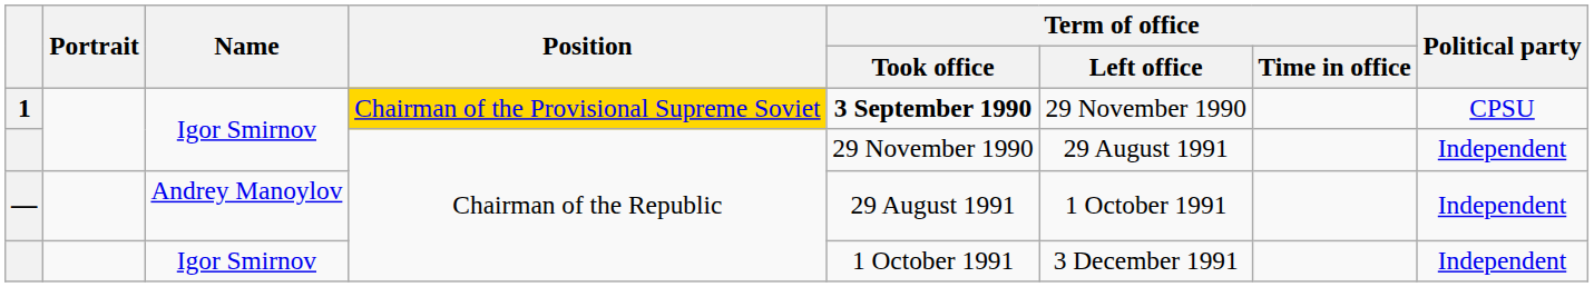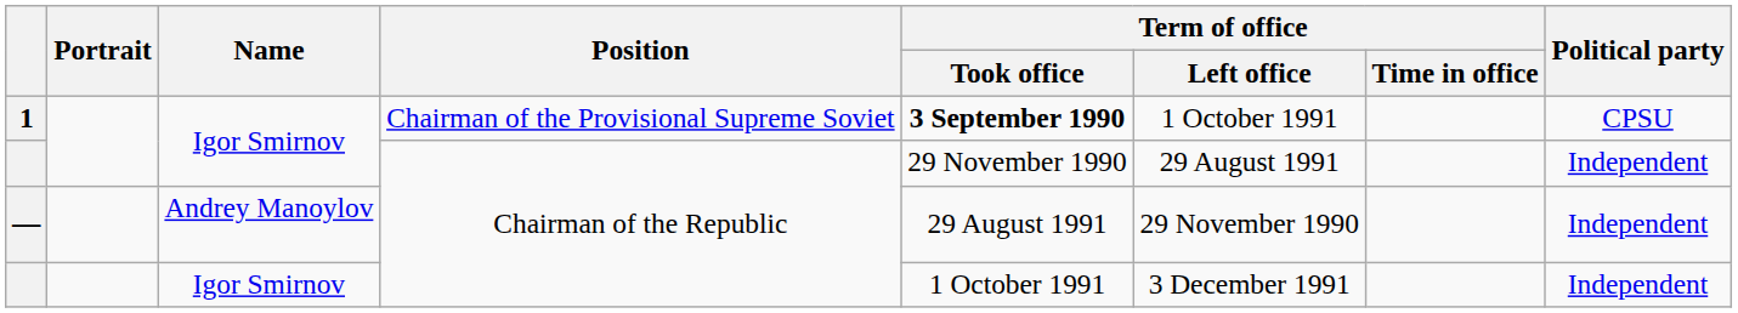 <table class="wikitable" style="text-align:center">
 <tr align=center bgcolor=#ebebeb>
 <th rowspan=2></th>
 <th rowspan=2>Portrait</th>
 <th rowspan=2>Name<br></th>
 <th rowspan=2>Position</th>
 <th colspan=3>Term of office</th>
 <th colspan=2 rowspan=2>Political party</th>
 </tr>
 <tr align=center bgcolor=#ebebeb>
 <th>Took office</th>
 <th>Left office</th>
 <th>Time in office</th>
 </tr>
 <tr>
 <th style="background:">1</th>
 <td rowspan=2></td>
 <td rowspan=2><a href='#'>Igor Smirnov</a><br></td>
-<td style="background: gold;"><a href='#'>Chairman of the Provisional Supreme Soviet</a></td>
+<td><a href='#'>Chairman of the Provisional Supreme Soviet</a></td>
 <td><strong>3 September 1990</strong></td>
-<td>29 November 1990</td>
+<td>1 October 1991</td>
 <td></td>
 <td><a href='#'>CPSU</a></td>
 </tr>
 <tr>
 <th style="background:"></th>
 <td rowspan=3>Chairman of the Republic</td>
 <td>29 November 1990</td>
 <td>29 August 1991</td>
 <td></td>
 <td><a href='#'>Independent</a></td>
 </tr>
 <tr>
 <th style="background:">—</th>
 <td></td>
 <td><a href='#'>Andrey Manoylov</a><br><br></td>
 <td>29 August 1991</td>
-<td>1 October 1991</td>
+<td>29 November 1990</td>
 <td></td>
 <td><a href='#'>Independent</a></td>
 </tr>
 <tr>
 <th style="background:"></th>
 <td></td>
 <td><a href='#'>Igor Smirnov</a><br></td>
 <td>1 October 1991</td>
 <td>3 December 1991</td>
 <td></td>
 <td><a href='#'>Independent</a></td>
 </tr>
 </table>
